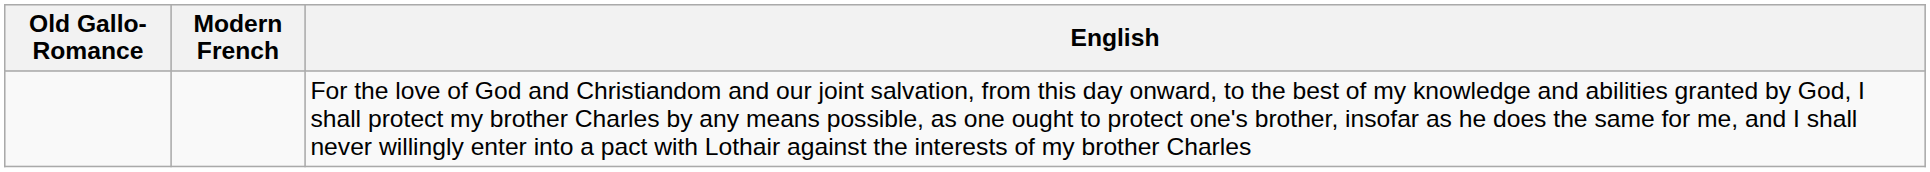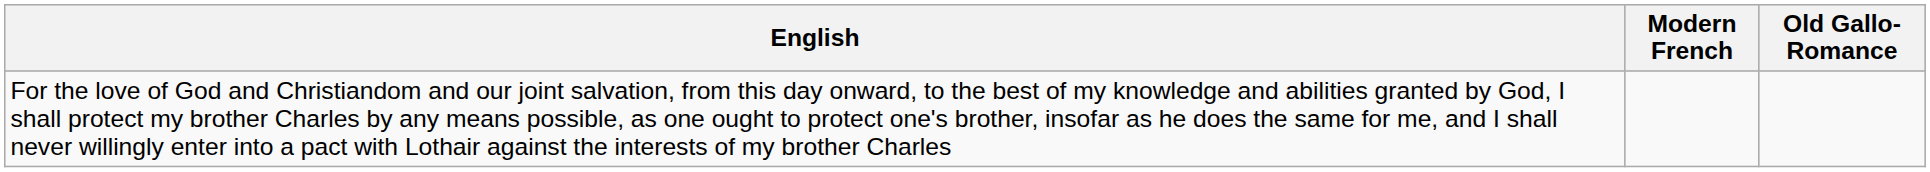 <table class="wikitable">
 <tr>
+<th>English</th>
+<th>Modern French</th>
 <th>Old Gallo-Romance</th>
-<th>Modern French</th>
-<th>English</th>
 </tr>
 <tr>
+<td>For the love of God and Christiandom and our joint salvation, from this day onward, to the best of my knowledge and abilities granted by God, I shall protect my brother Charles by any means possible, as one ought to protect one's brother, insofar as he does the same for me, and I shall never willingly enter into a pact with Lothair against the interests of my brother Charles</td>
 <td></td>
 <td></td>
-<td>For the love of God and Christiandom and our joint salvation, from this day onward, to the best of my knowledge and abilities granted by God, I shall protect my brother Charles by any means possible, as one ought to protect one's brother, insofar as he does the same for me, and I shall never willingly enter into a pact with Lothair against the interests of my brother Charles</td>
 </tr>
 </table>
